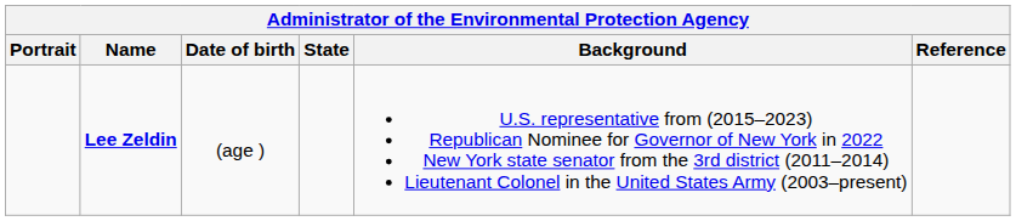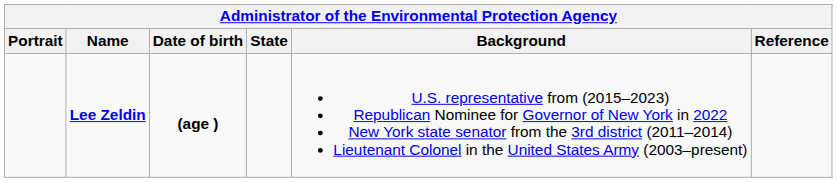 <table class="wikitable collapsible" style="text-align:center;">
 <tr>
 <th colspan="6"><a href='#'>Administrator of the Environmental Protection Agency</a></th>
 </tr>
 <tr>
 <th>Portrait</th>
 <th>Name</th>
 <th>Date of birth</th>
 <th>State</th>
 <th>Background</th>
 <th>Reference</th>
 </tr>
 <tr>
 <td></td>
 <td><strong><a href='#'>Lee Zeldin</a></strong></td>
-<td><br>(age )</td>
+<td><strong><br>(age )</strong></td>
 <td></td>
 <td><br><ul><li><a href='#'>U.S. representative</a> from  (2015–2023)</li><li><a href='#'>Republican</a> Nominee for <a href='#'>Governor of New York</a> in <a href='#'>2022</a></li><li><a href='#'>New York state senator</a> from the <a href='#'>3rd district</a> (2011–2014)</li><li><a href='#'>Lieutenant Colonel</a> in the <a href='#'>United States Army</a> (2003–present)</li></ul></td>
 <td></td>
 </tr>
 </table>
